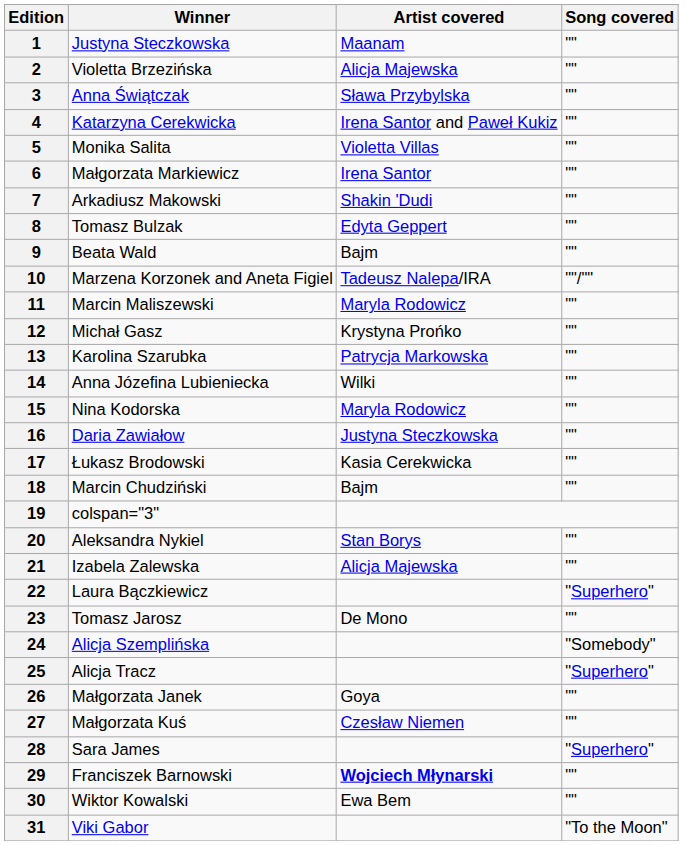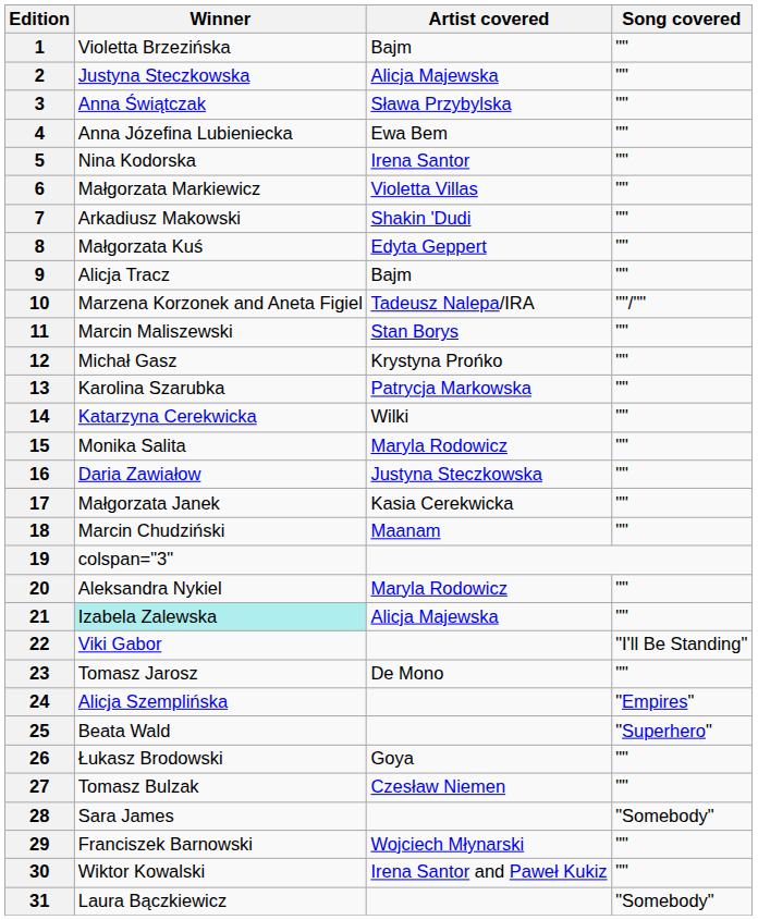 <table class="wikitable">
 <tr>
 <th scope="col">Edition</th>
 <th scope="col">Winner</th>
 <th scope="col">Artist covered</th>
 <th scope="col">Song covered</th>
 </tr>
 <tr>
 <th scope="row">1</th>
-<td><a href='#'>Justyna Steczkowska</a></td>
-<td><a href='#'>Maanam</a></td>
+<td>Violetta Brzezińska</td>
+<td>Bajm</td>
 <td>""</td>
 </tr>
 <tr>
 <th scope="row">2</th>
-<td>Violetta Brzezińska</td>
+<td><a href='#'>Justyna Steczkowska</a></td>
 <td><a href='#'>Alicja Majewska</a></td>
 <td>""</td>
 </tr>
 <tr>
 <th scope="row">3</th>
 <td><a href='#'>Anna Świątczak</a></td>
 <td><a href='#'>Sława Przybylska</a></td>
 <td>""</td>
 </tr>
 <tr>
 <th scope="row">4</th>
-<td><a href='#'>Katarzyna Cerekwicka</a></td>
-<td><a href='#'>Irena Santor</a> and <a href='#'>Paweł Kukiz</a></td>
+<td>Anna Józefina Lubieniecka</td>
+<td>Ewa Bem</td>
 <td>""</td>
 </tr>
 <tr>
 <th scope="row">5</th>
-<td>Monika Salita</td>
-<td><a href='#'>Violetta Villas</a></td>
+<td>Nina Kodorska</td>
+<td><a href='#'>Irena Santor</a></td>
 <td>""</td>
 </tr>
 <tr>
 <th scope="row">6</th>
 <td>Małgorzata Markiewicz</td>
-<td><a href='#'>Irena Santor</a></td>
+<td><a href='#'>Violetta Villas</a></td>
 <td>""</td>
 </tr>
 <tr>
 <th scope="row">7</th>
 <td>Arkadiusz Makowski</td>
 <td><a href='#'>Shakin 'Dudi</a></td>
 <td>""</td>
 </tr>
 <tr>
 <th scope="row">8</th>
-<td>Tomasz Bulzak</td>
+<td>Małgorzata Kuś</td>
 <td><a href='#'>Edyta Geppert</a></td>
 <td>""</td>
 </tr>
 <tr>
 <th scope="row">9</th>
-<td>Beata Wald</td>
+<td>Alicja Tracz</td>
 <td>Bajm</td>
 <td>""</td>
 </tr>
 <tr>
 <th scope="row">10</th>
 <td>Marzena Korzonek and Aneta Figiel</td>
 <td><a href='#'>Tadeusz Nalepa</a>/IRA</td>
 <td>""/""</td>
 </tr>
 <tr>
 <th scope="row">11</th>
 <td>Marcin Maliszewski</td>
-<td><a href='#'>Maryla Rodowicz</a></td>
+<td><a href='#'>Stan Borys</a></td>
 <td>""</td>
 </tr>
 <tr>
 <th scope="row">12</th>
 <td>Michał Gasz</td>
 <td>Krystyna Prońko</td>
 <td>""</td>
 </tr>
 <tr>
 <th scope="row">13</th>
 <td>Karolina Szarubka</td>
 <td><a href='#'>Patrycja Markowska</a></td>
 <td>""</td>
 </tr>
 <tr>
 <th scope="row">14</th>
-<td>Anna Józefina Lubieniecka</td>
+<td><a href='#'>Katarzyna Cerekwicka</a></td>
 <td>Wilki</td>
 <td>""</td>
 </tr>
 <tr>
 <th scope="row">15</th>
-<td>Nina Kodorska</td>
+<td>Monika Salita</td>
 <td><a href='#'>Maryla Rodowicz</a></td>
 <td>""</td>
 </tr>
 <tr>
 <th scope="row">16</th>
 <td><a href='#'>Daria Zawiałow</a></td>
 <td><a href='#'>Justyna Steczkowska</a></td>
 <td>""</td>
 </tr>
 <tr>
 <th scope="row">17</th>
-<td>Łukasz Brodowski</td>
+<td>Małgorzata Janek</td>
 <td>Kasia Cerekwicka</td>
 <td>""</td>
 </tr>
 <tr>
 <th scope="row">18</th>
 <td>Marcin Chudziński</td>
-<td>Bajm</td>
+<td><a href='#'>Maanam</a></td>
 <td>""</td>
 </tr>
 <tr>
 <th scope="row">19</th>
 <td>colspan="3" </td>
 </tr>
 <tr>
 <th scope="row">20</th>
 <td>Aleksandra Nykiel</td>
-<td><a href='#'>Stan Borys</a></td>
+<td><a href='#'>Maryla Rodowicz</a></td>
 <td>""</td>
 </tr>
 <tr>
 <th scope="row">21</th>
-<td>Izabela Zalewska</td>
+<td style="background: paleturquoise;">Izabela Zalewska</td>
 <td><a href='#'>Alicja Majewska</a></td>
 <td>""</td>
 </tr>
 <tr>
 <th scope="row">22</th>
-<td>Laura Bączkiewicz</td>
+<td><a href='#'>Viki Gabor</a></td>
 <td></td>
-<td>"<a href='#'>Superhero</a>"</td>
+<td>"I'll Be Standing"</td>
 </tr>
 <tr>
 <th scope="row">23</th>
 <td>Tomasz Jarosz</td>
 <td>De Mono</td>
 <td>""</td>
 </tr>
 <tr>
 <th scope="row">24</th>
 <td><a href='#'>Alicja Szemplińska</a></td>
 <td></td>
-<td>"Somebody"</td>
+<td>"<a href='#'>Empires</a>"</td>
 </tr>
 <tr>
 <th scope="row">25</th>
-<td>Alicja Tracz</td>
+<td>Beata Wald</td>
 <td></td>
 <td>"<a href='#'>Superhero</a>"</td>
 </tr>
 <tr>
 <th scope="row">26</th>
-<td>Małgorzata Janek</td>
+<td>Łukasz Brodowski</td>
 <td>Goya</td>
 <td>""</td>
 </tr>
 <tr>
 <th scope="row">27</th>
-<td>Małgorzata Kuś</td>
+<td>Tomasz Bulzak</td>
 <td><a href='#'>Czesław Niemen</a></td>
 <td>""</td>
 </tr>
 <tr>
 <th scope="row">28</th>
 <td>Sara James</td>
 <td></td>
-<td>"<a href='#'>Superhero</a>"</td>
+<td>"Somebody"</td>
 </tr>
 <tr>
 <th scope="row">29</th>
 <td>Franciszek Barnowski</td>
-<td><strong><a href='#'>Wojciech Młynarski</a></strong></td>
+<td><a href='#'>Wojciech Młynarski</a></td>
 <td>""</td>
 </tr>
 <tr>
 <th scope="row">30</th>
 <td>Wiktor Kowalski</td>
-<td>Ewa Bem</td>
+<td><a href='#'>Irena Santor</a> and <a href='#'>Paweł Kukiz</a></td>
 <td>""</td>
 </tr>
 <tr>
 <th scope="row">31</th>
-<td><a href='#'>Viki Gabor</a></td>
+<td>Laura Bączkiewicz</td>
 <td></td>
-<td>"To the Moon"</td>
+<td>"Somebody"</td>
 </tr>
 </table>
